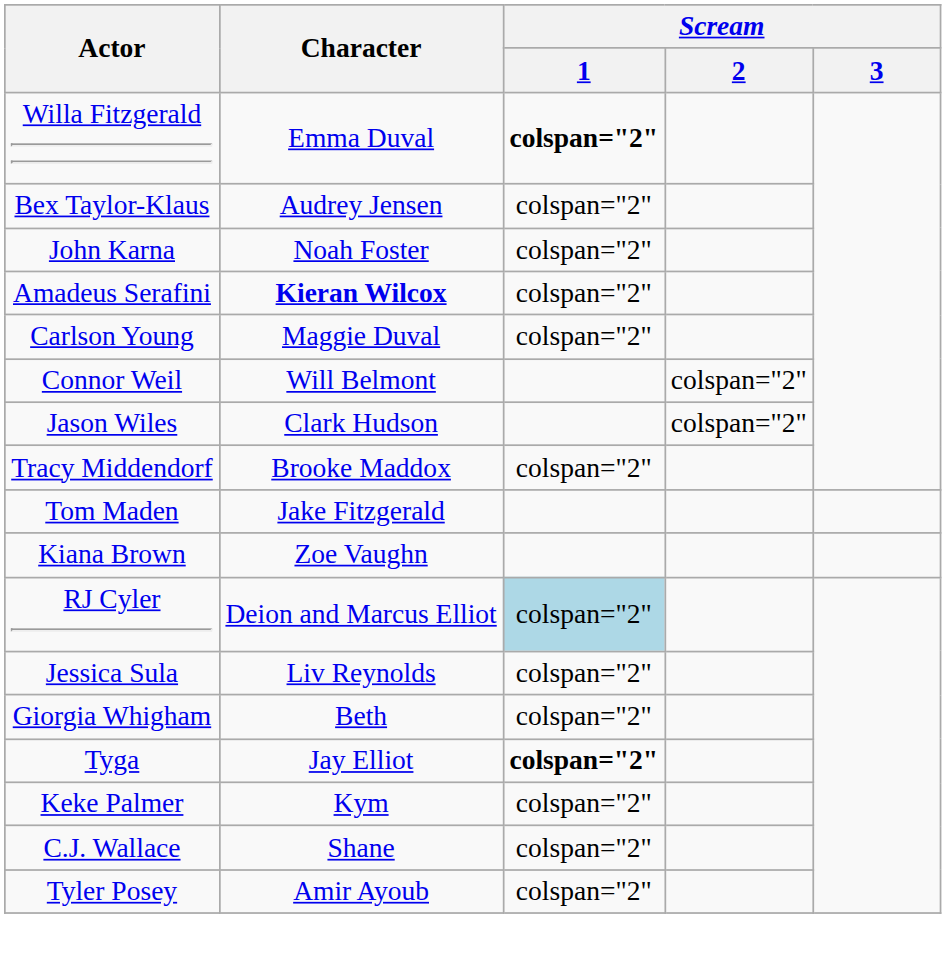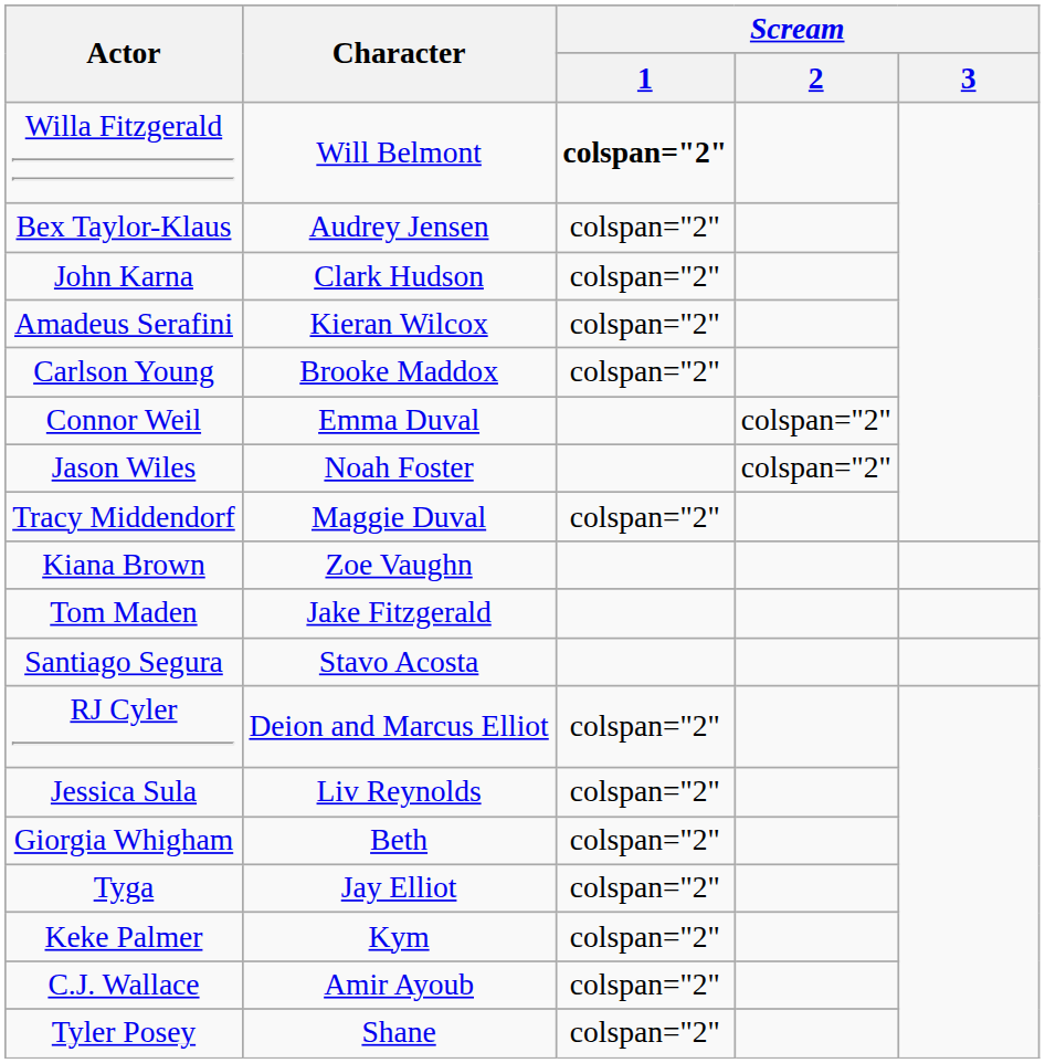 <table class="wikitable" style="text-align:center;">
 <tr>
 <th rowspan="2">Actor</th>
 <th rowspan="2">Character</th>
 <th colspan="3"><em><a href='#'>Scream</a></em></th>
 </tr>
 <tr>
 <th style="width:50pt;"><a href='#'>1</a></th>
 <th style="width:50pt;"><a href='#'>2</a></th>
 <th style="width:50pt;"><a href='#'>3</a></th>
 </tr>
 <tr>
 <td><a href='#'>Willa Fitzgerald</a><hr><hr></td>
-<td><a href='#'>Emma Duval</a></td>
+<td><a href='#'>Will Belmont</a></td>
 <td><strong>colspan="2" </strong></td>
 <td></td>
 </tr>
 <tr>
 <td><a href='#'>Bex Taylor-Klaus</a></td>
 <td><a href='#'>Audrey Jensen</a></td>
 <td>colspan="2" </td>
 <td></td>
 </tr>
 <tr>
 <td><a href='#'>John Karna</a></td>
-<td><a href='#'>Noah Foster</a></td>
+<td><a href='#'>Clark Hudson</a></td>
 <td>colspan="2" </td>
 <td></td>
 </tr>
 <tr>
 <td><a href='#'>Amadeus Serafini</a></td>
-<td><strong><a href='#'>Kieran Wilcox</a></strong></td>
+<td><a href='#'>Kieran Wilcox</a></td>
 <td>colspan="2" </td>
 <td></td>
 </tr>
 <tr>
 <td><a href='#'>Carlson Young</a></td>
+<td><a href='#'>Brooke Maddox</a></td>
+<td>colspan="2" </td>
+<td></td>
+</tr>
+<tr>
+<td><a href='#'>Connor Weil</a></td>
+<td><a href='#'>Emma Duval</a></td>
+<td></td>
+<td>colspan="2" </td>
+</tr>
+<tr>
+<td><a href='#'>Jason Wiles</a></td>
+<td><a href='#'>Noah Foster</a></td>
+<td></td>
+<td>colspan="2" </td>
+</tr>
+<tr>
+<td><a href='#'>Tracy Middendorf</a></td>
 <td><a href='#'>Maggie Duval</a></td>
 <td>colspan="2" </td>
 <td></td>
 </tr>
 <tr>
-<td><a href='#'>Connor Weil</a></td>
-<td><a href='#'>Will Belmont</a></td>
+<td><a href='#'>Kiana Brown</a></td>
+<td><a href='#'>Zoe Vaughn</a></td>
 <td></td>
-<td>colspan="2" </td>
-</tr>
-<tr>
-<td><a href='#'>Jason Wiles</a></td>
-<td><a href='#'>Clark Hudson</a></td>
 <td></td>
-<td>colspan="2" </td>
-</tr>
-<tr>
-<td><a href='#'>Tracy Middendorf</a></td>
-<td><a href='#'>Brooke Maddox</a></td>
-<td>colspan="2" </td>
 <td></td>
 </tr>
 <tr>
 <td><a href='#'>Tom Maden</a></td>
 <td><a href='#'>Jake Fitzgerald</a></td>
 <td></td>
 <td></td>
 <td></td>
 </tr>
 <tr>
-<td><a href='#'>Kiana Brown</a></td>
-<td><a href='#'>Zoe Vaughn</a></td>
+<td><a href='#'>Santiago Segura</a></td>
+<td><a href='#'>Stavo Acosta</a></td>
 <td></td>
 <td></td>
 <td></td>
 </tr>
 <tr>
 <td><a href='#'>RJ Cyler</a><hr></td>
 <td><a href='#'>Deion and Marcus Elliot</a></td>
-<td style="background: lightblue;">colspan="2" </td>
+<td>colspan="2" </td>
 <td></td>
 </tr>
 <tr>
 <td><a href='#'>Jessica Sula</a></td>
 <td><a href='#'>Liv Reynolds</a></td>
 <td>colspan="2" </td>
 <td></td>
 </tr>
 <tr>
 <td><a href='#'>Giorgia Whigham</a></td>
 <td><a href='#'>Beth</a></td>
 <td>colspan="2" </td>
 <td></td>
 </tr>
 <tr>
 <td><a href='#'>Tyga</a></td>
 <td><a href='#'>Jay Elliot</a></td>
-<td><strong>colspan="2" </strong></td>
+<td>colspan="2" </td>
 <td></td>
 </tr>
 <tr>
 <td><a href='#'>Keke Palmer</a></td>
 <td><a href='#'>Kym</a></td>
 <td>colspan="2" </td>
 <td></td>
 </tr>
 <tr>
 <td><a href='#'>C.J. Wallace</a></td>
-<td><a href='#'>Shane</a></td>
+<td><a href='#'>Amir Ayoub</a></td>
 <td>colspan="2" </td>
 <td></td>
 </tr>
 <tr>
 <td><a href='#'>Tyler Posey</a></td>
-<td><a href='#'>Amir Ayoub</a></td>
+<td><a href='#'>Shane</a></td>
 <td>colspan="2" </td>
 <td></td>
 </tr>
 </table>
